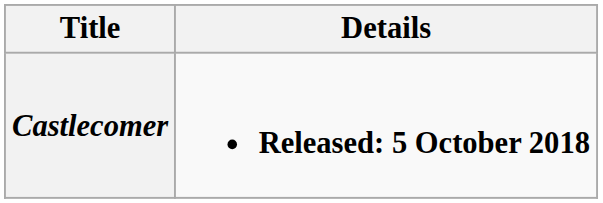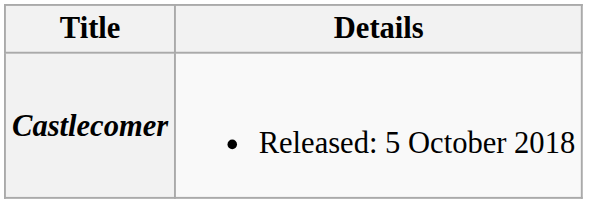 <table class="wikitable plainrowheaders">
 <tr>
 <th>Title</th>
 <th>Details</th>
 </tr>
 <tr>
 <th scope="row"><em>Castlecomer</em></th>
-<td><strong><br><ul><li>Released: 5 October 2018</li></ul></strong></td>
+<td><br><ul><li>Released: 5 October 2018</li></ul></td>
 </tr>
 </table>
